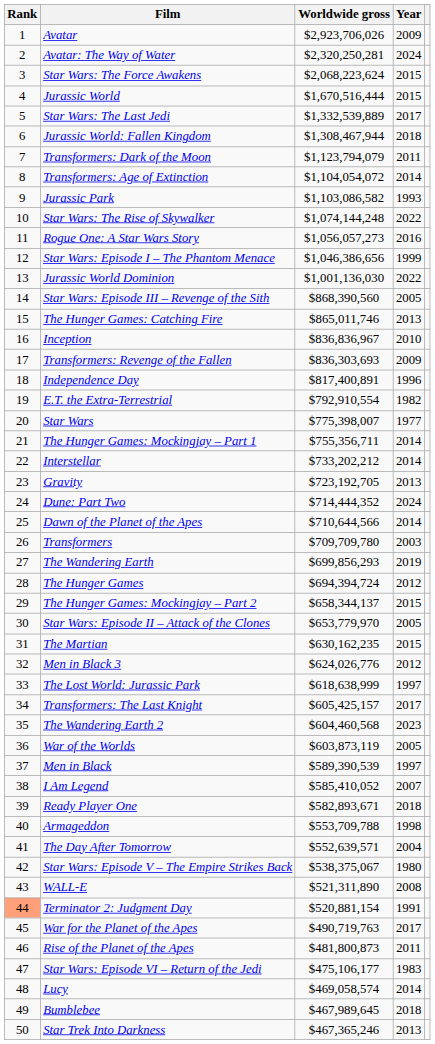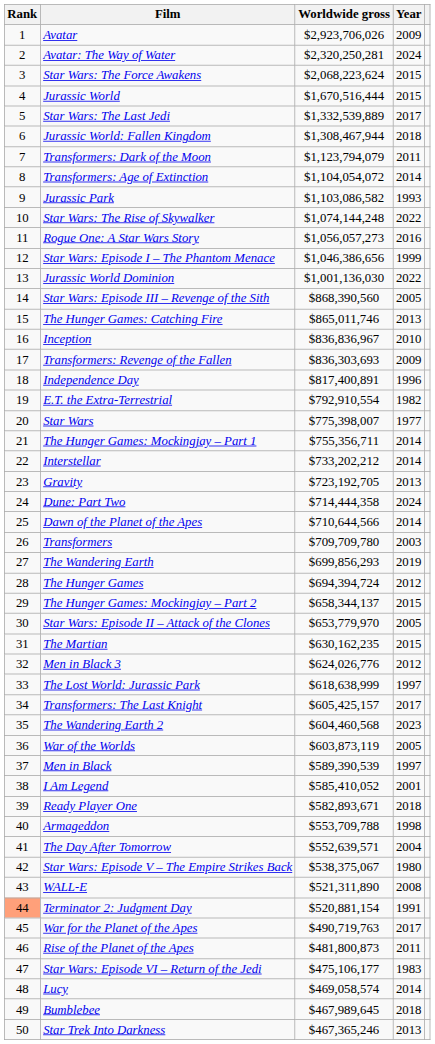 <table class="wikitable sortable" style="text-align:center;">
 <tr>
 <th>Rank</th>
 <th>Film</th>
 <th>Worldwide gross</th>
 <th>Year</th>
 <th class="unsortable"></th>
 </tr>
 <tr>
 <td>1</td>
 <td style="text-align:left;"><em><a href='#'>Avatar</a></em></td>
 <td>$2,923,706,026</td>
 <td>2009</td>
 <td></td>
 </tr>
 <tr>
 <td>2</td>
 <td style="text-align:left;"><em><a href='#'>Avatar: The Way of Water</a></em></td>
 <td>$2,320,250,281</td>
 <td>2024</td>
 <td></td>
 </tr>
 <tr>
 <td>3</td>
 <td style="text-align:left;"><em><a href='#'>Star Wars: The Force Awakens</a></em></td>
 <td>$2,068,223,624</td>
 <td>2015</td>
 <td></td>
 </tr>
 <tr>
 <td>4</td>
 <td style="text-align:left;"><em><a href='#'>Jurassic World</a></em></td>
 <td>$1,670,516,444</td>
 <td>2015</td>
 <td></td>
 </tr>
 <tr>
 <td>5</td>
 <td style="text-align:left;"><em><a href='#'>Star Wars: The Last Jedi</a></em></td>
 <td>$1,332,539,889</td>
 <td>2017</td>
 <td></td>
 </tr>
 <tr>
 <td>6</td>
 <td style="text-align:left;"><em><a href='#'>Jurassic World: Fallen Kingdom</a></em></td>
 <td>$1,308,467,944</td>
 <td>2018</td>
 <td></td>
 </tr>
 <tr>
 <td>7</td>
 <td style="text-align:left;"><em><a href='#'>Transformers: Dark of the Moon</a></em></td>
 <td>$1,123,794,079</td>
 <td>2011</td>
 <td></td>
 </tr>
 <tr>
 <td>8</td>
 <td style="text-align:left;"><em><a href='#'>Transformers: Age of Extinction</a></em></td>
 <td>$1,104,054,072</td>
 <td>2014</td>
 <td></td>
 </tr>
 <tr>
 <td>9</td>
 <td style="text-align:left;"><em><a href='#'>Jurassic Park</a></em></td>
 <td>$1,103,086,582</td>
 <td>1993</td>
 <td></td>
 </tr>
 <tr>
 <td>10</td>
 <td style="text-align:left;"><em><a href='#'>Star Wars: The Rise of Skywalker</a></em></td>
 <td>$1,074,144,248</td>
 <td>2022</td>
 <td></td>
 </tr>
 <tr>
 <td>11</td>
 <td style="text-align:left;"><em><a href='#'>Rogue One: A Star Wars Story</a></em></td>
 <td>$1,056,057,273</td>
 <td>2016</td>
 <td></td>
 </tr>
 <tr>
 <td>12</td>
 <td style="text-align:left;"><em><a href='#'>Star Wars: Episode I – The Phantom Menace</a></em></td>
 <td>$1,046,386,656</td>
 <td>1999</td>
 <td></td>
 </tr>
 <tr>
 <td>13</td>
 <td style="text-align:left;"><em><a href='#'>Jurassic World Dominion</a></em></td>
 <td>$1,001,136,030</td>
 <td>2022</td>
 <td></td>
 </tr>
 <tr>
 <td>14</td>
 <td style="text-align:left;"><em><a href='#'>Star Wars: Episode III – Revenge of the Sith</a></em></td>
 <td>$868,390,560</td>
 <td>2005</td>
 <td></td>
 </tr>
 <tr>
 <td>15</td>
 <td style="text-align:left;"><em><a href='#'>The Hunger Games: Catching Fire</a></em></td>
 <td>$865,011,746</td>
 <td>2013</td>
 <td></td>
 </tr>
 <tr>
 <td>16</td>
 <td style="text-align:left;"><em><a href='#'>Inception</a></em></td>
 <td>$836,836,967</td>
 <td>2010</td>
 <td></td>
 </tr>
 <tr>
 <td>17</td>
 <td style="text-align:left;"><em><a href='#'>Transformers: Revenge of the Fallen</a></em></td>
 <td>$836,303,693</td>
 <td>2009</td>
 <td></td>
 </tr>
 <tr>
 <td>18</td>
 <td style="text-align:left;"><em><a href='#'>Independence Day</a></em></td>
 <td>$817,400,891</td>
 <td>1996</td>
 <td></td>
 </tr>
 <tr>
 <td>19</td>
 <td style="text-align:left;"><em><a href='#'>E.T. the Extra-Terrestrial</a></em></td>
 <td>$792,910,554</td>
 <td>1982</td>
 <td></td>
 </tr>
 <tr>
 <td>20</td>
 <td style="text-align:left;"><em><a href='#'>Star Wars</a></em></td>
 <td>$775,398,007</td>
 <td>1977</td>
 <td></td>
 </tr>
 <tr>
 <td>21</td>
 <td style="text-align:left;"><em><a href='#'>The Hunger Games: Mockingjay – Part 1</a></em></td>
 <td>$755,356,711</td>
 <td>2014</td>
 <td></td>
 </tr>
 <tr>
 <td>22</td>
 <td style="text-align:left;"><em><a href='#'>Interstellar</a></em></td>
 <td>$733,202,212</td>
 <td>2014</td>
 <td></td>
 </tr>
 <tr>
 <td>23</td>
 <td style="text-align:left;"><em><a href='#'>Gravity</a></em></td>
 <td>$723,192,705</td>
 <td>2013</td>
 <td></td>
 </tr>
 <tr>
 <td>24</td>
 <td style="text-align:left;"><em><a href='#'>Dune: Part Two</a></em></td>
-<td>$714,444,352</td>
+<td>$714,444,358</td>
 <td>2024</td>
 <td></td>
 </tr>
 <tr>
 <td>25</td>
 <td style="text-align:left;"><em><a href='#'>Dawn of the Planet of the Apes</a></em></td>
 <td>$710,644,566</td>
 <td>2014</td>
 <td></td>
 </tr>
 <tr>
 <td>26</td>
 <td style="text-align:left;"><em><a href='#'>Transformers</a></em></td>
 <td>$709,709,780</td>
 <td>2003</td>
 <td></td>
 </tr>
 <tr>
 <td>27</td>
 <td style="text-align:left;"><em><a href='#'>The Wandering Earth</a></em></td>
 <td>$699,856,293</td>
 <td>2019</td>
 <td></td>
 </tr>
 <tr>
 <td>28</td>
 <td style="text-align:left;"><em><a href='#'>The Hunger Games</a></em></td>
 <td>$694,394,724</td>
 <td>2012</td>
 <td></td>
 </tr>
 <tr>
 <td>29</td>
 <td style="text-align:left;"><em><a href='#'>The Hunger Games: Mockingjay – Part 2</a></em></td>
 <td>$658,344,137</td>
 <td>2015</td>
 <td></td>
 </tr>
 <tr>
 <td>30</td>
 <td style="text-align:left;"><em><a href='#'>Star Wars: Episode II – Attack of the Clones</a></em></td>
 <td>$653,779,970</td>
 <td>2005</td>
 <td></td>
 </tr>
 <tr>
 <td>31</td>
 <td style="text-align:left;"><em><a href='#'>The Martian</a></em></td>
 <td>$630,162,235</td>
 <td>2015</td>
 <td></td>
 </tr>
 <tr>
 <td>32</td>
 <td style="text-align:left;"><em><a href='#'>Men in Black 3</a></em></td>
 <td>$624,026,776</td>
 <td>2012</td>
 <td></td>
 </tr>
 <tr>
 <td>33</td>
 <td style="text-align:left;"><em><a href='#'>The Lost World: Jurassic Park</a></em></td>
 <td>$618,638,999</td>
 <td>1997</td>
 <td></td>
 </tr>
 <tr>
 <td>34</td>
 <td style="text-align:left;"><em><a href='#'>Transformers: The Last Knight</a></em></td>
 <td>$605,425,157</td>
 <td>2017</td>
 <td></td>
 </tr>
 <tr>
 <td>35</td>
 <td ! style="text-align:left;"><em><a href='#'>The Wandering Earth 2</a></em></td>
 <td>$604,460,568</td>
 <td>2023</td>
 <td></td>
 </tr>
 <tr>
 <td>36</td>
 <td style="text-align:left;"><em><a href='#'>War of the Worlds</a></em></td>
 <td>$603,873,119</td>
 <td>2005</td>
 <td></td>
 </tr>
 <tr>
 <td>37</td>
 <td style="text-align:left;"><em><a href='#'>Men in Black</a></em></td>
 <td>$589,390,539</td>
 <td>1997</td>
 <td></td>
 </tr>
 <tr>
 <td>38</td>
 <td style="text-align:left;"><em><a href='#'>I Am Legend</a></em></td>
 <td>$585,410,052</td>
-<td>2007</td>
+<td>2001</td>
 <td></td>
 </tr>
 <tr>
 <td>39</td>
 <td style="text-align:left;"><em><a href='#'>Ready Player One</a></em></td>
 <td>$582,893,671</td>
 <td>2018</td>
 <td></td>
 </tr>
 <tr>
 <td>40</td>
 <td style="text-align:left;"><em><a href='#'>Armageddon</a></em></td>
 <td>$553,709,788</td>
 <td>1998</td>
 <td></td>
 </tr>
 <tr>
 <td>41</td>
 <td style="text-align:left;"><em><a href='#'>The Day After Tomorrow</a></em></td>
 <td>$552,639,571</td>
 <td>2004</td>
 <td></td>
 </tr>
 <tr>
 <td>42</td>
 <td style="text-align:left;"><em><a href='#'>Star Wars: Episode V – The Empire Strikes Back</a></em></td>
 <td>$538,375,067</td>
 <td>1980</td>
 <td></td>
 </tr>
 <tr>
 <td>43</td>
 <td style="text-align:left;"><em><a href='#'>WALL-E</a></em></td>
 <td>$521,311,890</td>
 <td>2008</td>
 <td></td>
 </tr>
 <tr>
 <td style="background: lightsalmon;">44</td>
 <td style="text-align:left;"><em><a href='#'>Terminator 2: Judgment Day</a></em></td>
 <td>$520,881,154</td>
 <td>1991</td>
 <td></td>
 </tr>
 <tr>
 <td>45</td>
 <td style="text-align:left;"><em><a href='#'>War for the Planet of the Apes</a></em></td>
 <td>$490,719,763</td>
 <td>2017</td>
 <td></td>
 </tr>
 <tr>
 <td>46</td>
 <td style="text-align:left;"><em><a href='#'>Rise of the Planet of the Apes</a></em></td>
 <td>$481,800,873</td>
 <td>2011</td>
 <td></td>
 </tr>
 <tr>
 <td>47</td>
 <td style="text-align:left;"><em><a href='#'>Star Wars: Episode VI – Return of the Jedi</a></em></td>
 <td>$475,106,177</td>
 <td>1983</td>
 <td></td>
 </tr>
 <tr>
 <td>48</td>
 <td style="text-align:left;"><em><a href='#'>Lucy</a></em></td>
 <td>$469,058,574</td>
 <td>2014</td>
 <td></td>
 </tr>
 <tr>
 <td>49</td>
 <td style="text-align:left;"><em><a href='#'>Bumblebee</a></em></td>
 <td>$467,989,645</td>
 <td>2018</td>
 <td></td>
 </tr>
 <tr>
 <td>50</td>
 <td style="text-align:left;"><em><a href='#'>Star Trek Into Darkness</a></em></td>
 <td>$467,365,246</td>
 <td>2013</td>
 <td></td>
 </tr>
 </table>
